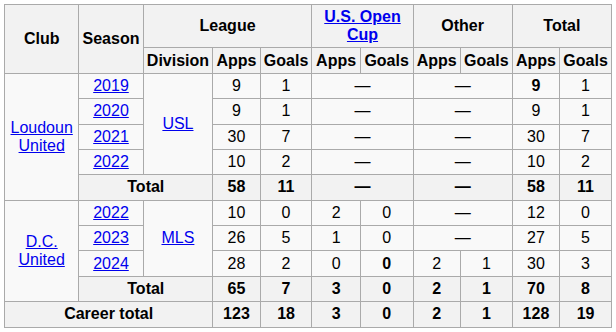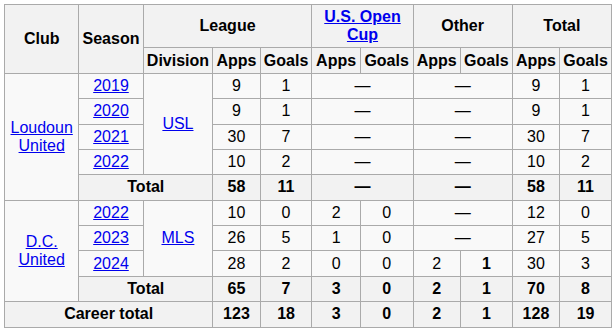 <table class="wikitable" style="text-align: center">
 <tr>
 <th rowspan="2">Club</th>
 <th rowspan="2">Season</th>
 <th colspan="3">League</th>
 <th colspan="2"><a href='#'>U.S. Open Cup</a></th>
 <th colspan="2">Other</th>
 <th colspan="2">Total</th>
 </tr>
 <tr>
 <th>Division</th>
 <th>Apps</th>
 <th>Goals</th>
 <th>Apps</th>
 <th>Goals</th>
 <th>Apps</th>
 <th>Goals</th>
 <th>Apps</th>
 <th>Goals</th>
 </tr>
 <tr>
 <td rowspan="5"><a href='#'>Loudoun United</a></td>
 <td><a href='#'>2019</a></td>
 <td rowspan="4"><a href='#'>USL</a></td>
 <td>9</td>
 <td>1</td>
 <td colspan="2">—</td>
 <td colspan="2">—</td>
-<td><strong>9</strong></td>
+<td>9</td>
 <td>1</td>
 </tr>
 <tr>
 <td><a href='#'>2020</a></td>
 <td>9</td>
 <td>1</td>
 <td colspan="2">—</td>
 <td colspan="2">—</td>
 <td>9</td>
 <td>1</td>
 </tr>
 <tr>
 <td><a href='#'>2021</a></td>
 <td>30</td>
 <td>7</td>
 <td colspan="2">—</td>
 <td colspan="2">—</td>
 <td>30</td>
 <td>7</td>
 </tr>
 <tr>
 <td><a href='#'>2022</a></td>
 <td>10</td>
 <td>2</td>
 <td colspan="2">—</td>
 <td colspan="2">—</td>
 <td>10</td>
 <td>2</td>
 </tr>
 <tr>
 <th colspan="2">Total</th>
 <th>58</th>
 <th>11</th>
 <th colspan="2">—</th>
 <th colspan="2">—</th>
 <th>58</th>
 <th>11</th>
 </tr>
 <tr>
 <td rowspan="4"><a href='#'>D.C. United</a></td>
 <td><a href='#'>2022</a></td>
 <td rowspan="3"><a href='#'>MLS</a></td>
 <td>10</td>
 <td>0</td>
 <td>2</td>
 <td>0</td>
 <td colspan="2">—</td>
 <td>12</td>
 <td>0</td>
 </tr>
 <tr>
 <td><a href='#'>2023</a></td>
 <td>26</td>
 <td>5</td>
 <td>1</td>
 <td>0</td>
 <td colspan="2">—</td>
 <td>27</td>
 <td>5</td>
 </tr>
 <tr>
 <td><a href='#'>2024</a></td>
 <td>28</td>
 <td>2</td>
 <td>0</td>
-<td><strong>0</strong></td>
+<td>0</td>
 <td>2</td>
-<td>1</td>
+<td><strong>1</strong></td>
 <td>30</td>
 <td>3</td>
 </tr>
 <tr>
 <th colspan="2">Total</th>
 <th>65</th>
 <th>7</th>
 <th>3</th>
 <th>0</th>
 <th>2</th>
 <th>1</th>
 <th>70</th>
 <th>8</th>
 </tr>
 <tr>
 <th colspan="3">Career total</th>
 <th>123</th>
 <th>18</th>
 <th>3</th>
 <th>0</th>
 <th>2</th>
 <th>1</th>
 <th>128</th>
 <th>19</th>
 </tr>
 <tr>
 </tr>
 </table>
